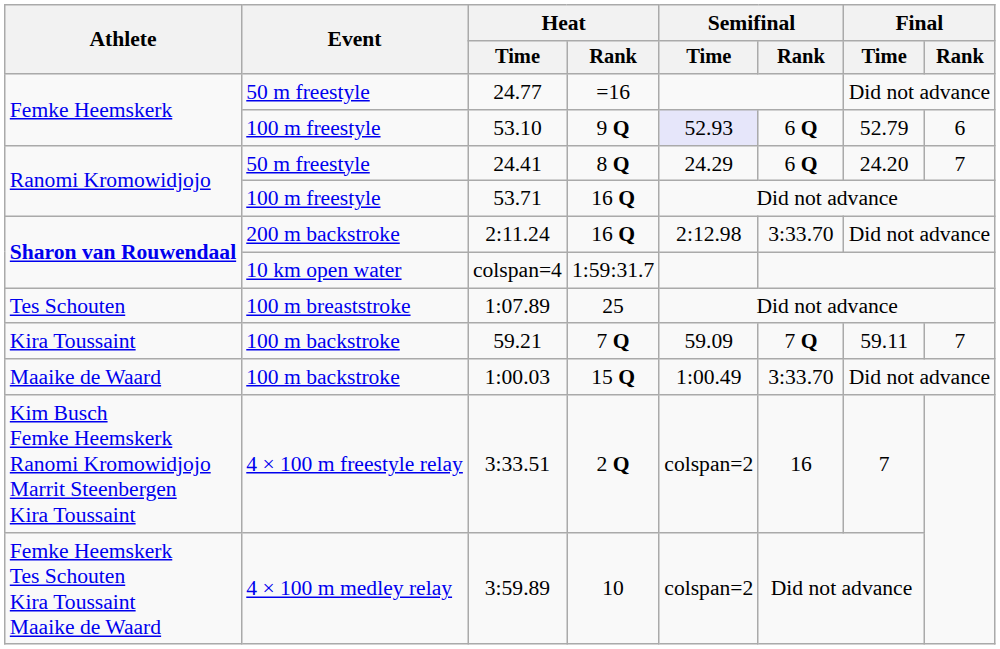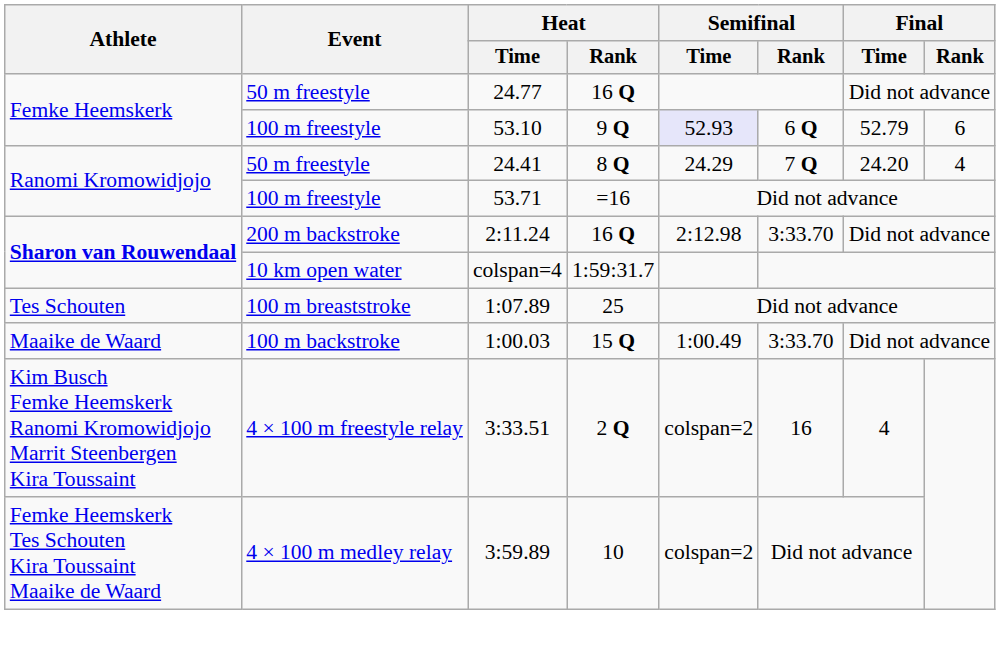 <table class=wikitable style="font-size:90%">
 <tr>
 <th rowspan="2">Athlete</th>
 <th rowspan="2">Event</th>
 <th colspan="2">Heat</th>
 <th colspan="2">Semifinal</th>
 <th colspan="2">Final</th>
 </tr>
 <tr style="font-size:95%">
 <th>Time</th>
 <th>Rank</th>
 <th>Time</th>
 <th>Rank</th>
 <th>Time</th>
 <th>Rank</th>
 </tr>
 <tr align=center>
 <td align=left rowspan=2><a href='#'>Femke Heemskerk</a></td>
 <td align=left><a href='#'>50 m freestyle</a></td>
 <td>24.77</td>
-<td>=16 <strong></strong></td>
+<td>16 <strong>Q</strong></td>
 <td colspan=2></td>
 <td colspan=2>Did not advance</td>
 </tr>
 <tr align=center>
 <td align=left><a href='#'>100 m freestyle</a></td>
 <td>53.10</td>
 <td>9 <strong>Q</strong></td>
 <td style="background: lavender;">52.93</td>
 <td>6 <strong>Q</strong></td>
 <td>52.79</td>
 <td>6</td>
 </tr>
 <tr align=center>
 <td align=left rowspan=2><a href='#'>Ranomi Kromowidjojo</a></td>
 <td align=left><a href='#'>50 m freestyle</a></td>
 <td>24.41</td>
 <td>8 <strong>Q</strong></td>
 <td>24.29</td>
-<td>6 <strong>Q</strong></td>
+<td>7 <strong>Q</strong></td>
 <td>24.20</td>
-<td>7</td>
+<td>4</td>
 </tr>
 <tr align=center>
 <td align=left><a href='#'>100 m freestyle</a></td>
 <td>53.71</td>
-<td>16 <strong>Q</strong></td>
+<td>=16 <strong></strong></td>
 <td colspan=4>Did not advance</td>
 </tr>
 <tr align=center>
 <td align=left rowspan=2><strong><a href='#'>Sharon van Rouwendaal</a></strong></td>
 <td align=left><a href='#'>200 m backstroke</a></td>
 <td>2:11.24</td>
 <td>16 <strong>Q</strong></td>
 <td>2:12.98</td>
 <td>3:33.70</td>
 <td colspan="2">Did not advance</td>
 </tr>
 <tr align=center>
 <td align=left><a href='#'>10 km open water</a></td>
 <td>colspan=4 </td>
 <td>1:59:31.7</td>
 <td></td>
 </tr>
 <tr align=center>
 <td align=left><a href='#'>Tes Schouten</a></td>
 <td align=left><a href='#'>100 m breaststroke</a></td>
 <td>1:07.89</td>
 <td>25</td>
 <td colspan="4">Did not advance</td>
 </tr>
 <tr align=center>
-<td align=left><a href='#'>Kira Toussaint</a></td>
-<td align=left><a href='#'>100 m backstroke</a></td>
-<td>59.21</td>
-<td>7 <strong>Q</strong></td>
-<td>59.09</td>
-<td>7 <strong>Q</strong></td>
-<td>59.11</td>
-<td>7</td>
-</tr>
-<tr align=center>
 <td align=left><a href='#'>Maaike de Waard</a></td>
 <td align=left><a href='#'>100 m backstroke</a></td>
 <td>1:00.03</td>
 <td>15 <strong>Q</strong></td>
 <td>1:00.49</td>
 <td>3:33.70</td>
 <td colspan="2">Did not advance</td>
 </tr>
 <tr align=center>
 <td align=left><a href='#'>Kim Busch</a><br><a href='#'>Femke Heemskerk</a><br><a href='#'>Ranomi Kromowidjojo</a><br><a href='#'>Marrit Steenbergen</a><br><a href='#'>Kira Toussaint</a></td>
 <td align=left><a href='#'>4 × 100 m freestyle relay</a></td>
 <td>3:33.51</td>
 <td>2 <strong>Q</strong></td>
 <td>colspan=2 </td>
 <td>16</td>
-<td>7</td>
+<td>4</td>
 </tr>
 <tr align=center>
 <td align=left><a href='#'>Femke Heemskerk</a><br><a href='#'>Tes Schouten</a><br><a href='#'>Kira Toussaint</a><br><a href='#'>Maaike de Waard</a></td>
 <td align=left><a href='#'>4 × 100 m medley relay</a></td>
 <td>3:59.89</td>
 <td>10</td>
 <td>colspan=2 </td>
 <td colspan="2">Did not advance</td>
 </tr>
 </table>
